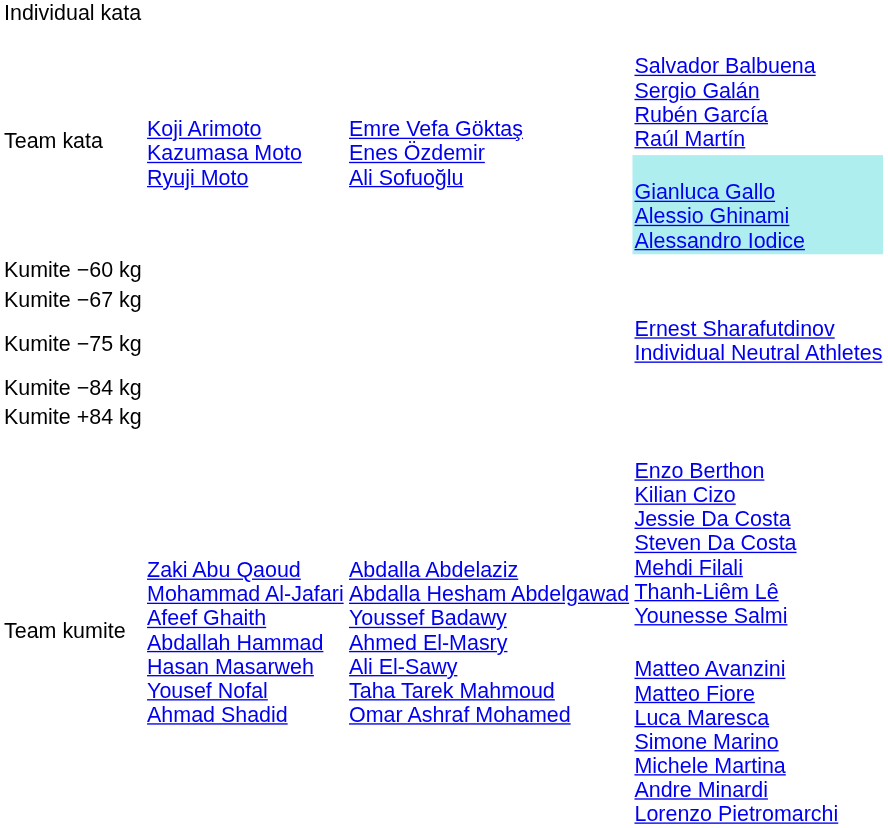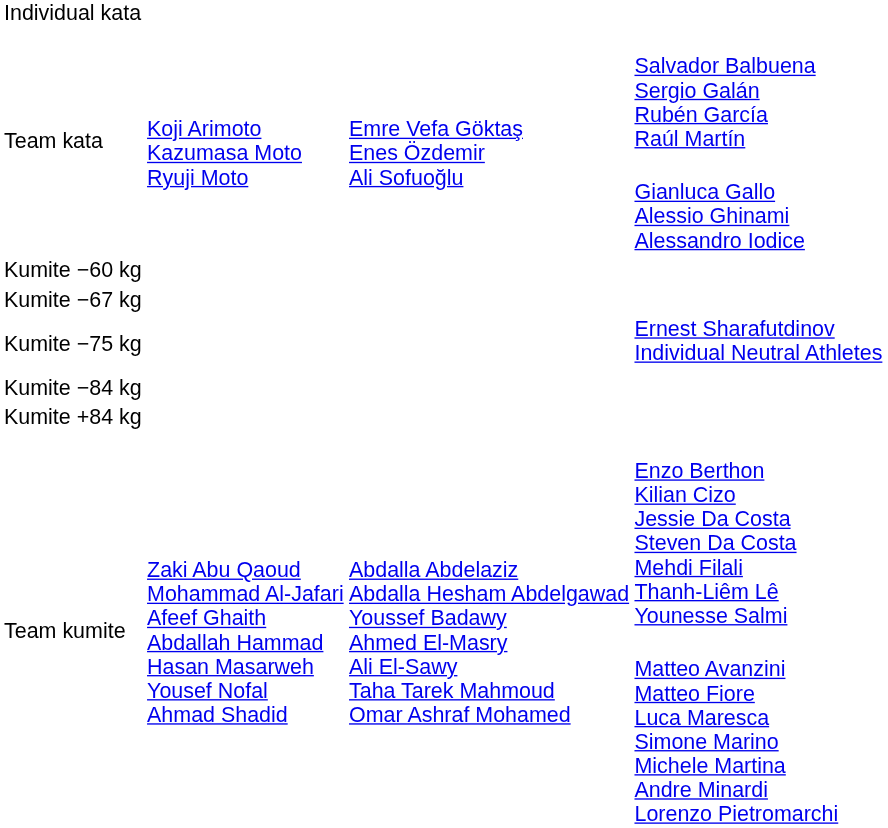 <table>
 <tr>
 <td rowspan=2>Individual kata<br></td>
 <td rowspan=2></td>
 <td rowspan=2></td>
 <td></td>
 </tr>
 <tr>
 <td></td>
 </tr>
 <tr>
 <td rowspan=2>Team kata<br></td>
 <td rowspan=2><br><a href='#'>Koji Arimoto</a><br><a href='#'>Kazumasa Moto</a><br><a href='#'>Ryuji Moto</a></td>
 <td rowspan=2><br><a href='#'>Emre Vefa Göktaş</a><br><a href='#'>Enes Özdemir</a><br><a href='#'>Ali Sofuoğlu</a></td>
 <td><br><a href='#'>Salvador Balbuena</a><br><a href='#'>Sergio Galán</a><br><a href='#'>Rubén García</a><br><a href='#'>Raúl Martín</a></td>
 </tr>
 <tr>
-<td style="background: paleturquoise;"><br><a href='#'>Gianluca Gallo</a><br><a href='#'>Alessio Ghinami</a><br><a href='#'>Alessandro Iodice</a></td>
+<td><br><a href='#'>Gianluca Gallo</a><br><a href='#'>Alessio Ghinami</a><br><a href='#'>Alessandro Iodice</a></td>
 </tr>
 <tr>
 <td rowspan=2>Kumite −60 kg<br></td>
 <td rowspan=2></td>
 <td rowspan=2></td>
 <td></td>
 </tr>
 <tr>
 <td></td>
 </tr>
 <tr>
 <td rowspan=2>Kumite −67 kg<br></td>
 <td rowspan=2></td>
 <td rowspan=2></td>
 <td></td>
 </tr>
 <tr>
 <td></td>
 </tr>
 <tr>
 <td rowspan=2>Kumite −75 kg<br></td>
 <td rowspan=2></td>
 <td rowspan=2></td>
 <td><a href='#'>Ernest Sharafutdinov</a><br><a href='#'>Individual Neutral Athletes</a></td>
 </tr>
 <tr>
 <td></td>
 </tr>
 <tr>
 <td rowspan=2>Kumite −84 kg<br></td>
 <td rowspan=2></td>
 <td rowspan=2></td>
 <td></td>
 </tr>
 <tr>
 <td></td>
 </tr>
 <tr>
 <td rowspan=2>Kumite +84 kg<br></td>
 <td rowspan=2></td>
 <td rowspan=2></td>
 <td></td>
 </tr>
 <tr>
 <td></td>
 </tr>
 <tr>
 <td rowspan=2>Team kumite<br></td>
 <td rowspan=2><br><a href='#'>Zaki Abu Qaoud</a><br><a href='#'>Mohammad Al-Jafari</a><br><a href='#'>Afeef Ghaith</a><br><a href='#'>Abdallah Hammad</a><br><a href='#'>Hasan Masarweh</a><br><a href='#'>Yousef Nofal</a><br><a href='#'>Ahmad Shadid</a></td>
 <td rowspan=2><br><a href='#'>Abdalla Abdelaziz</a><br><a href='#'>Abdalla Hesham Abdelgawad</a><br><a href='#'>Youssef Badawy</a><br><a href='#'>Ahmed El-Masry</a><br><a href='#'>Ali El-Sawy</a><br><a href='#'>Taha Tarek Mahmoud</a><br><a href='#'>Omar Ashraf Mohamed</a></td>
 <td><br><a href='#'>Enzo Berthon</a><br><a href='#'>Kilian Cizo</a><br><a href='#'>Jessie Da Costa</a><br><a href='#'>Steven Da Costa</a><br><a href='#'>Mehdi Filali</a><br><a href='#'>Thanh-Liêm Lê</a><br><a href='#'>Younesse Salmi</a></td>
 </tr>
 <tr>
 <td><br><a href='#'>Matteo Avanzini</a><br><a href='#'>Matteo Fiore</a><br><a href='#'>Luca Maresca</a><br><a href='#'>Simone Marino</a><br><a href='#'>Michele Martina</a><br><a href='#'>Andre Minardi</a><br><a href='#'>Lorenzo Pietromarchi</a></td>
 </tr>
 </table>
